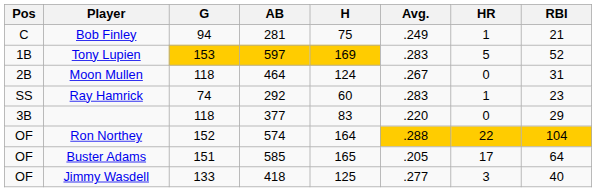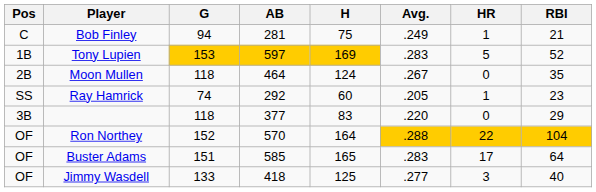 <table class="wikitable sortable">
 <tr>
 <th bgcolor="#DDDDFF" width="5%">Pos</th>
 <th bgcolor="#DDDDFF" width="16%">Player</th>
 <th bgcolor="#DDDDFF" width="9%">G</th>
 <th bgcolor="#DDDDFF" width="9%">AB</th>
 <th bgcolor="#DDDDFF" width="9%">H</th>
 <th bgcolor="#DDDDFF" width="9%">Avg.</th>
 <th bgcolor="#DDDDFF" width="9%">HR</th>
 <th bgcolor="#DDDDFF" width="9%">RBI</th>
 </tr>
 <tr align="center">
 <td>C</td>
 <td><a href='#'>Bob Finley</a></td>
 <td>94</td>
 <td>281</td>
 <td>75</td>
 <td>.249</td>
 <td>1</td>
 <td>21</td>
 </tr>
 <tr align=center>
 <td>1B</td>
 <td><a href='#'>Tony Lupien</a></td>
 <td style="background:#fc0;">153</td>
 <td style="background:#fc0;">597</td>
 <td style="background:#fc0;">169</td>
 <td>.283</td>
 <td>5</td>
 <td>52</td>
 </tr>
 <tr align=center>
 <td>2B</td>
 <td><a href='#'>Moon Mullen</a></td>
 <td>118</td>
 <td>464</td>
 <td>124</td>
 <td>.267</td>
 <td>0</td>
-<td>31</td>
+<td>35</td>
 </tr>
 <tr align=center>
 <td>SS</td>
 <td><a href='#'>Ray Hamrick</a></td>
 <td>74</td>
 <td>292</td>
 <td>60</td>
-<td>.283</td>
+<td>.205</td>
 <td>1</td>
 <td>23</td>
 </tr>
 <tr align=center>
 <td>3B</td>
 <td></td>
 <td>118</td>
 <td>377</td>
 <td>83</td>
 <td>.220</td>
 <td>0</td>
 <td>29</td>
 </tr>
 <tr align="center">
 <td>OF</td>
 <td><a href='#'>Ron Northey</a></td>
 <td>152</td>
-<td>574</td>
+<td>570</td>
 <td>164</td>
 <td style="background:#fc0;">.288</td>
 <td style="background:#fc0;">22</td>
 <td style="background:#fc0;">104</td>
 </tr>
 <tr align=center>
 <td>OF</td>
 <td><a href='#'>Buster Adams</a></td>
 <td>151</td>
 <td>585</td>
 <td>165</td>
-<td>.205</td>
+<td>.283</td>
 <td>17</td>
 <td>64</td>
 </tr>
 <tr align=center>
 <td>OF</td>
 <td><a href='#'>Jimmy Wasdell</a></td>
 <td>133</td>
 <td>418</td>
 <td>125</td>
 <td>.277</td>
 <td>3</td>
 <td>40</td>
 </tr>
 </table>
